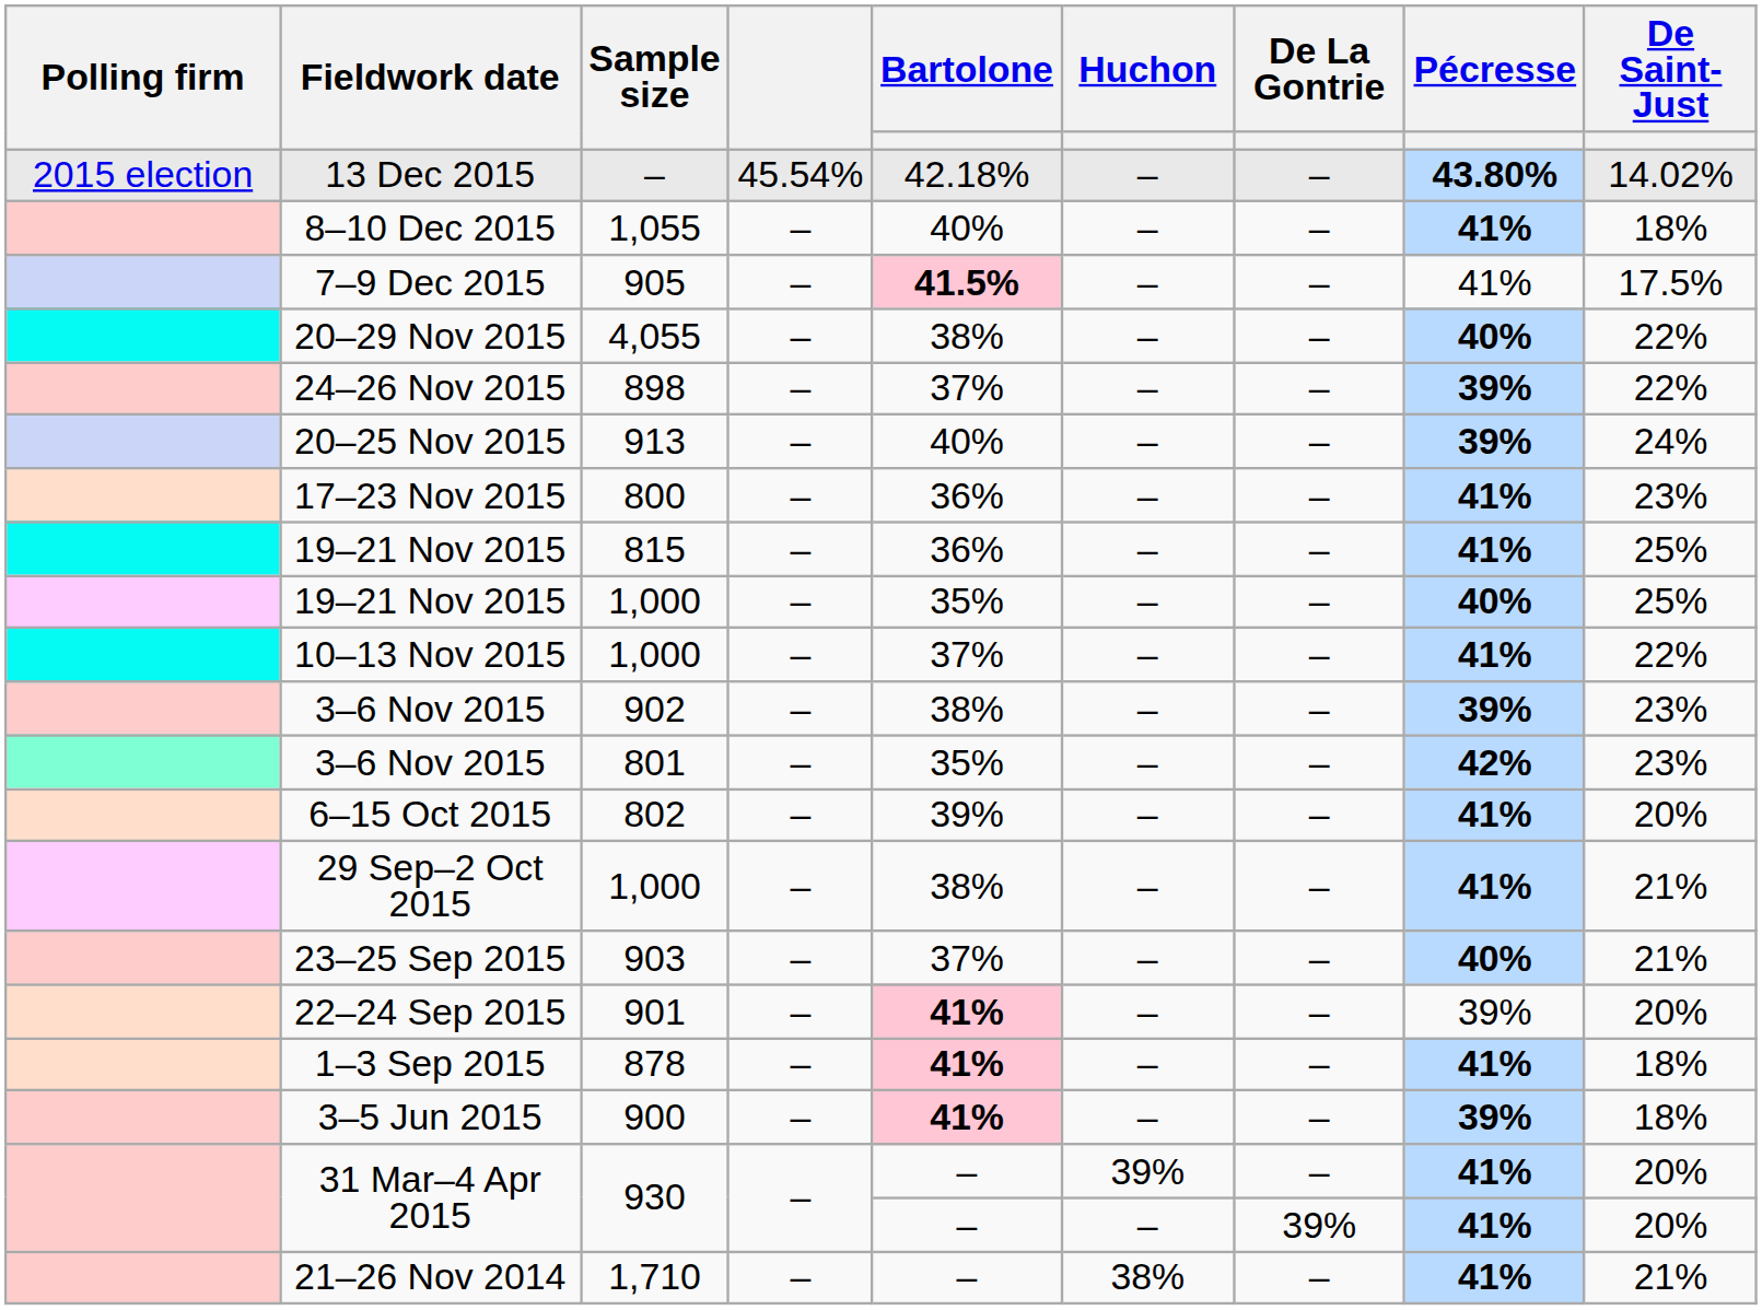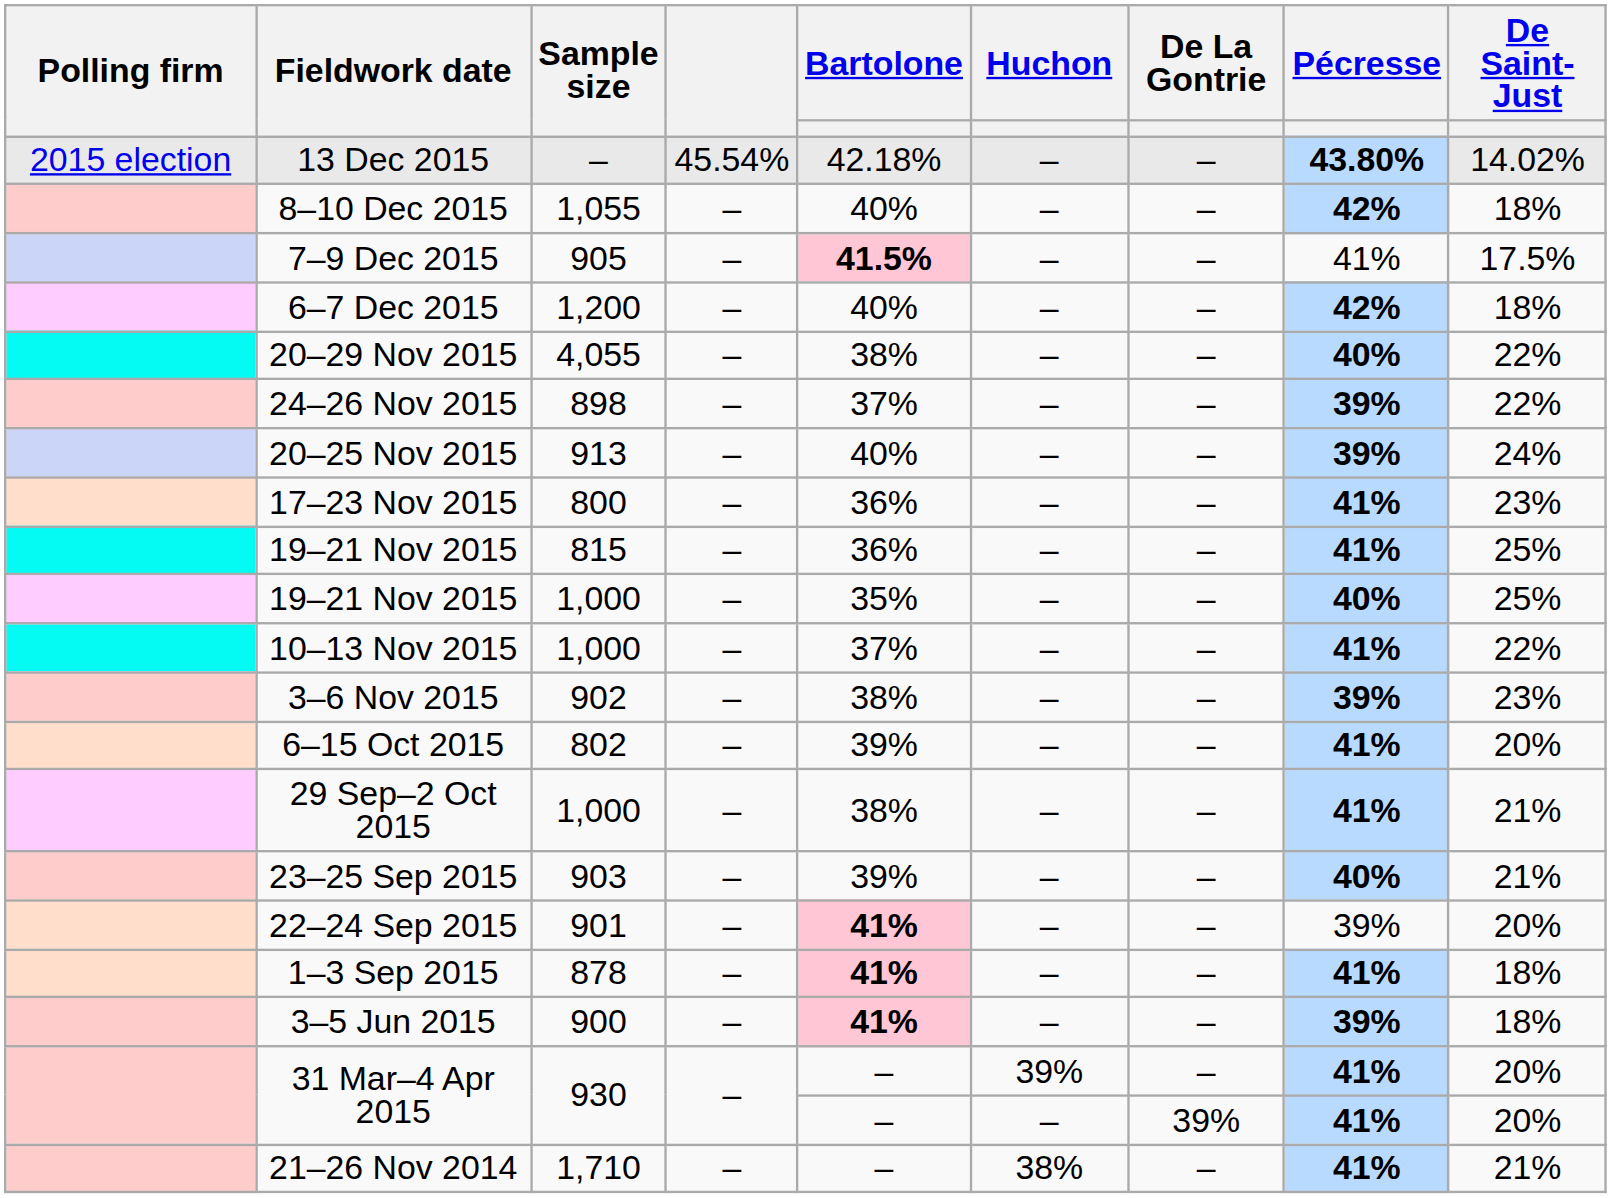 <table class="wikitable sortable" style="text-align:center;font-size:90%;line-height:14px;">
 <tr style="height:40px;">
 <th style="width:100px;" rowspan="2">Polling firm</th>
 <th style="width:110px;" rowspan="2">Fieldwork date</th>
 <th style="width:35px;" rowspan="2">Sample<br>size</th>
 <th style="width:30px;" rowspan="2"></th>
 <th class="unsortable" style="width:60px;"><a href='#'>Bartolone</a><br></th>
 <th class="unsortable" style="width:60px;"><a href='#'>Huchon</a><br></th>
 <th class="unsortable" style="width:60px;">De La Gontrie<br></th>
 <th class="unsortable" style="width:60px;"><a href='#'>Pécresse</a><br></th>
 <th class="unsortable" style="width:60px;"><a href='#'>De Saint-Just</a><br></th>
 </tr>
 <tr>
 <th style="background:"></th>
 <th style="background:"></th>
 <th style="background:"></th>
 <th style="background:"></th>
 <th style="background:"></th>
 </tr>
 <tr style="background:#E9E9E9;">
 <td><a href='#'>2015 election</a></td>
 <td data-sort-value="2015-12-13">13 Dec 2015</td>
 <td>–</td>
 <td>45.54%</td>
 <td>42.18%</td>
 <td>–</td>
 <td>–</td>
 <td style="background:#B9DAFF;"><strong>43.80%</strong></td>
 <td>14.02%</td>
 </tr>
 <tr>
 <td style="background:#FFCCCC;"></td>
 <td data-sort-value="2015-12-10">8–10 Dec 2015</td>
 <td>1,055</td>
 <td>–</td>
 <td>40%</td>
 <td>–</td>
 <td>–</td>
-<td style="background:#B9DAFF;"><strong>41%</strong></td>
+<td style="background:#B9DAFF;"><strong>42%</strong></td>
 <td>18%</td>
 </tr>
 <tr>
 <td style="background:#CAD5F7;"></td>
 <td data-sort-value="2015-12-09">7–9 Dec 2015</td>
 <td>905</td>
 <td>–</td>
 <td style="background:#FFC6D5;"><strong>41.5%</strong></td>
 <td>–</td>
 <td>–</td>
 <td>41%</td>
 <td>17.5%</td>
+</tr>
+<tr>
+<td style="background:#FFCCFF;"></td>
+<td data-sort-value="2015-12-07">6–7 Dec 2015</td>
+<td>1,200</td>
+<td>–</td>
+<td>40%</td>
+<td>–</td>
+<td>–</td>
+<td style="background:#B9DAFF;"><strong>42%</strong></td>
+<td>18%</td>
 </tr>
 <tr>
 <td style="background:#04FBF4;"></td>
 <td data-sort-value="2015-11-29">20–29 Nov 2015</td>
 <td>4,055</td>
 <td>–</td>
 <td>38%</td>
 <td>–</td>
 <td>–</td>
 <td style="background:#B9DAFF;"><strong>40%</strong></td>
 <td>22%</td>
 </tr>
 <tr>
 <td style="background:#FFCCCC;"></td>
 <td data-sort-value="2015-11-26">24–26 Nov 2015</td>
 <td>898</td>
 <td>–</td>
 <td>37%</td>
 <td>–</td>
 <td>–</td>
 <td style="background:#B9DAFF;"><strong>39%</strong></td>
 <td>22%</td>
 </tr>
 <tr>
 <td style="background:#CAD5F7;"></td>
 <td data-sort-value="2015-11-25">20–25 Nov 2015</td>
 <td>913</td>
 <td>–</td>
 <td>40%</td>
 <td>–</td>
 <td>–</td>
 <td style="background:#B9DAFF;"><strong>39%</strong></td>
 <td>24%</td>
 </tr>
 <tr>
 <td style="background:#FFDFCC;"></td>
 <td data-sort-value="2015-11-23">17–23 Nov 2015</td>
 <td>800</td>
 <td>–</td>
 <td>36%</td>
 <td>–</td>
 <td>–</td>
 <td style="background:#B9DAFF;"><strong>41%</strong></td>
 <td>23%</td>
 </tr>
 <tr>
 <td style="background:#04FBF4;"></td>
 <td data-sort-value="2015-11-21">19–21 Nov 2015</td>
 <td>815</td>
 <td>–</td>
 <td>36%</td>
 <td>–</td>
 <td>–</td>
 <td style="background:#B9DAFF;"><strong>41%</strong></td>
 <td>25%</td>
 </tr>
 <tr>
 <td style="background:#FFCCFF;"></td>
 <td data-sort-value="2015-11-21">19–21 Nov 2015</td>
 <td>1,000</td>
 <td>–</td>
 <td>35%</td>
 <td>–</td>
 <td>–</td>
 <td style="background:#B9DAFF;"><strong>40%</strong></td>
 <td>25%</td>
 </tr>
 <tr>
 <td style="background:#04FBF4;"></td>
 <td data-sort-value="2015-11-13">10–13 Nov 2015</td>
 <td>1,000</td>
 <td>–</td>
 <td>37%</td>
 <td>–</td>
 <td>–</td>
 <td style="background:#B9DAFF;"><strong>41%</strong></td>
 <td>22%</td>
 </tr>
 <tr>
 <td style="background:#FFCCCC;"></td>
 <td data-sort-value="2015-11-06">3–6 Nov 2015</td>
 <td>902</td>
 <td>–</td>
 <td>38%</td>
 <td>–</td>
 <td>–</td>
 <td style="background:#B9DAFF;"><strong>39%</strong></td>
 <td>23%</td>
 </tr>
 <tr>
-<td style="background:aquamarine;"></td>
-<td data-sort-value="2015-11-06">3–6 Nov 2015</td>
-<td>801</td>
-<td>–</td>
-<td>35%</td>
-<td>–</td>
-<td>–</td>
-<td style="background:#B9DAFF;"><strong>42%</strong></td>
-<td>23%</td>
-</tr>
-<tr>
 <td style="background:#FFDFCC;"></td>
 <td data-sort-value="2015-10-15">6–15 Oct 2015</td>
 <td>802</td>
 <td>–</td>
 <td>39%</td>
 <td>–</td>
 <td>–</td>
 <td style="background:#B9DAFF;"><strong>41%</strong></td>
 <td>20%</td>
 </tr>
 <tr>
 <td style="background:#FFCCFF;"></td>
 <td data-sort-value="2015-10-02">29 Sep–2 Oct 2015</td>
 <td>1,000</td>
 <td>–</td>
 <td>38%</td>
 <td>–</td>
 <td>–</td>
 <td style="background:#B9DAFF;"><strong>41%</strong></td>
 <td>21%</td>
 </tr>
 <tr>
 <td style="background:#FFCCCC;"></td>
 <td data-sort-value="2015-09-25">23–25 Sep 2015</td>
 <td>903</td>
 <td>–</td>
-<td>37%</td>
+<td>39%</td>
 <td>–</td>
 <td>–</td>
 <td style="background:#B9DAFF;"><strong>40%</strong></td>
 <td>21%</td>
 </tr>
 <tr>
 <td style="background:#FFDFCC;"></td>
 <td data-sort-value="2015-09-24">22–24 Sep 2015</td>
 <td>901</td>
 <td>–</td>
 <td style="background:#FFC6D5;"><strong>41%</strong></td>
 <td>–</td>
 <td>–</td>
 <td>39%</td>
 <td>20%</td>
 </tr>
 <tr>
 <td style="background:#FFDFCC;"></td>
 <td data-sort-value="2015-09-03">1–3 Sep 2015</td>
 <td>878</td>
 <td>–</td>
 <td style="background:#FFC6D5;"><strong>41%</strong></td>
 <td>–</td>
 <td>–</td>
 <td style="background:#B9DAFF;"><strong>41%</strong></td>
 <td>18%</td>
 </tr>
 <tr>
 <td style="background:#FFCCCC;"></td>
 <td data-sort-value="2015-06-05">3–5 Jun 2015</td>
 <td>900</td>
 <td>–</td>
 <td style="background:#FFC6D5;"><strong>41%</strong></td>
 <td>–</td>
 <td>–</td>
 <td style="background:#B9DAFF;"><strong>39%</strong></td>
 <td>18%</td>
 </tr>
 <tr>
 <td rowspan="2" style="background:#FFCCCC;"></td>
 <td rowspan="2" data-sort-value="2015-04-04">31 Mar–4 Apr 2015</td>
 <td rowspan="2">930</td>
 <td rowspan="2">–</td>
 <td>–</td>
 <td>39%</td>
 <td>–</td>
 <td style="background:#B9DAFF;"><strong>41%</strong></td>
 <td>20%</td>
 </tr>
 <tr>
 <td>–</td>
 <td>–</td>
 <td>39%</td>
 <td style="background:#B9DAFF;"><strong>41%</strong></td>
 <td>20%</td>
 </tr>
 <tr>
 <td style="background:#FFCCCC;"></td>
 <td data-sort-value="2014-11-26">21–26 Nov 2014</td>
 <td>1,710</td>
 <td>–</td>
 <td>–</td>
 <td>38%</td>
 <td>–</td>
 <td style="background:#B9DAFF;"><strong>41%</strong></td>
 <td>21%</td>
 </tr>
 </table>
